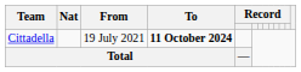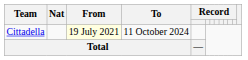 <table class="wikitable" style="text-align: center">
 <tr>
 <th rowspan="2">Team</th>
 <th rowspan="2">Nat</th>
 <th rowspan="2">From</th>
 <th rowspan="2">To</th>
 <th colspan="8">Record</th>
 <th rowspan=2></th>
 </tr>
 <tr>
 <th></th>
 <th></th>
 <th></th>
 <th></th>
 <th></th>
 <th></th>
 <th></th>
 <th></th>
 </tr>
 <tr>
 <td align="left"><a href='#'>Cittadella</a></td>
 <td></td>
-<td align=left>19 July 2021</td>
-<td align=left><strong>11 October 2024<br></strong></td>
+<td align=left style="background: lightyellow;">19 July 2021</td>
+<td align=left>11 October 2024<br></td>
 <td></td>
 </tr>
 <tr>
 <th colspan=4>Total<br></th>
 <th>—</th>
 </tr>
 </table>
